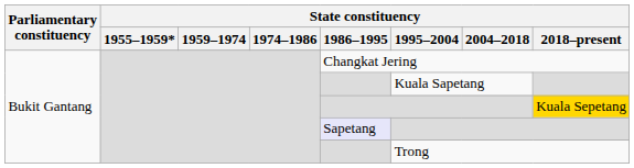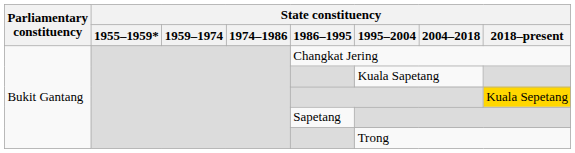 <table class="wikitable">
 <tr>
 <th rowspan="2">Parliamentary<br>constituency</th>
 <th colspan="7">State constituency</th>
 </tr>
 <tr>
 <th>1955–1959*</th>
 <th>1959–1974</th>
 <th>1974–1986</th>
 <th>1986–1995</th>
 <th>1995–2004</th>
 <th>2004–2018</th>
 <th>2018–present</th>
 </tr>
 <tr>
 <td rowspan="5">Bukit Gantang</td>
 <td colspan="3" rowspan="5" bgcolor="dcdcdc"></td>
 <td colspan="4">Changkat Jering</td>
 </tr>
 <tr>
 <td bgcolor="dcdcdc"></td>
 <td colspan="2">Kuala Sapetang</td>
 <td bgcolor="dcdcdc"></td>
 </tr>
 <tr>
 <td colspan="3" bgcolor="dcdcdc"></td>
 <td style="background: gold;">Kuala Sepetang</td>
 </tr>
 <tr>
-<td style="background: lavender;">Sapetang</td>
+<td>Sapetang</td>
 <td colspan="3" bgcolor="dcdcdc"></td>
 </tr>
 <tr>
 <td bgcolor="dcdcdc"></td>
 <td colspan="3">Trong</td>
 </tr>
 </table>
